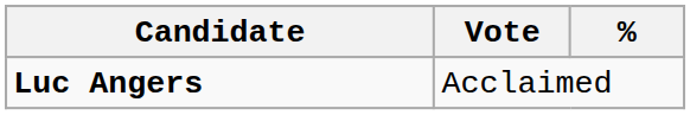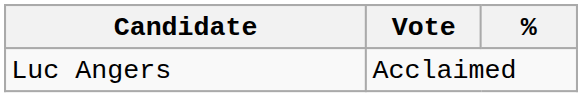 <table class="wikitable">
 <tr>
 <th bgcolor="#DDDDFF" width="170px">Candidate</th>
 <th bgcolor="#DDDDFF" width="50px">Vote</th>
 <th bgcolor="#DDDDFF" width="40px">%</th>
 </tr>
 <tr>
-<td><strong>Luc Angers</strong></td>
+<td>Luc Angers</td>
 <td colspan="2">Acclaimed</td>
 </tr>
 </table>
